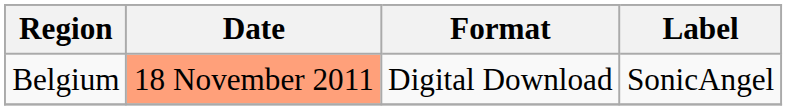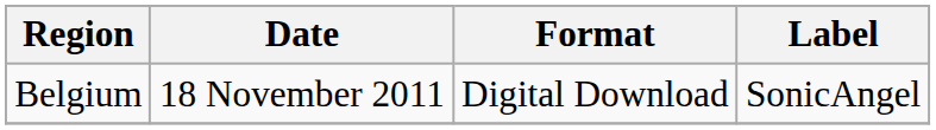 <table class=wikitable>
 <tr>
 <th>Region</th>
 <th>Date</th>
 <th>Format</th>
 <th>Label</th>
 </tr>
 <tr>
 <td>Belgium</td>
-<td style="background: lightsalmon;">18 November 2011</td>
+<td>18 November 2011</td>
 <td>Digital Download</td>
 <td>SonicAngel</td>
 </tr>
 <tr>
 </tr>
 </table>
